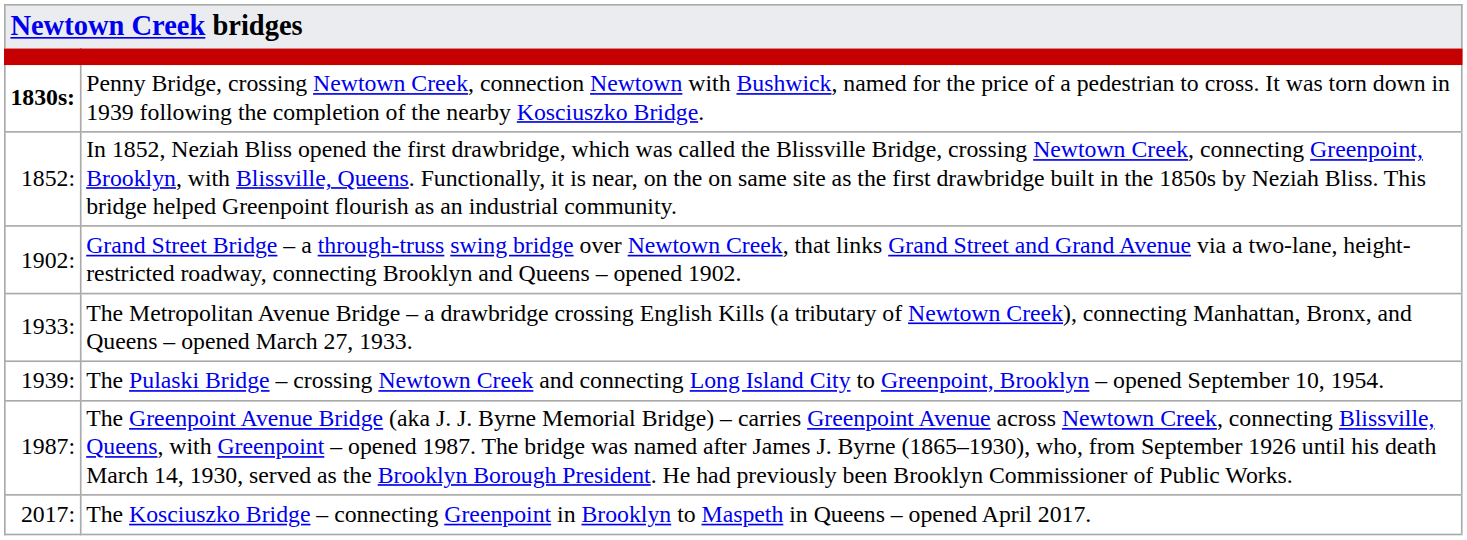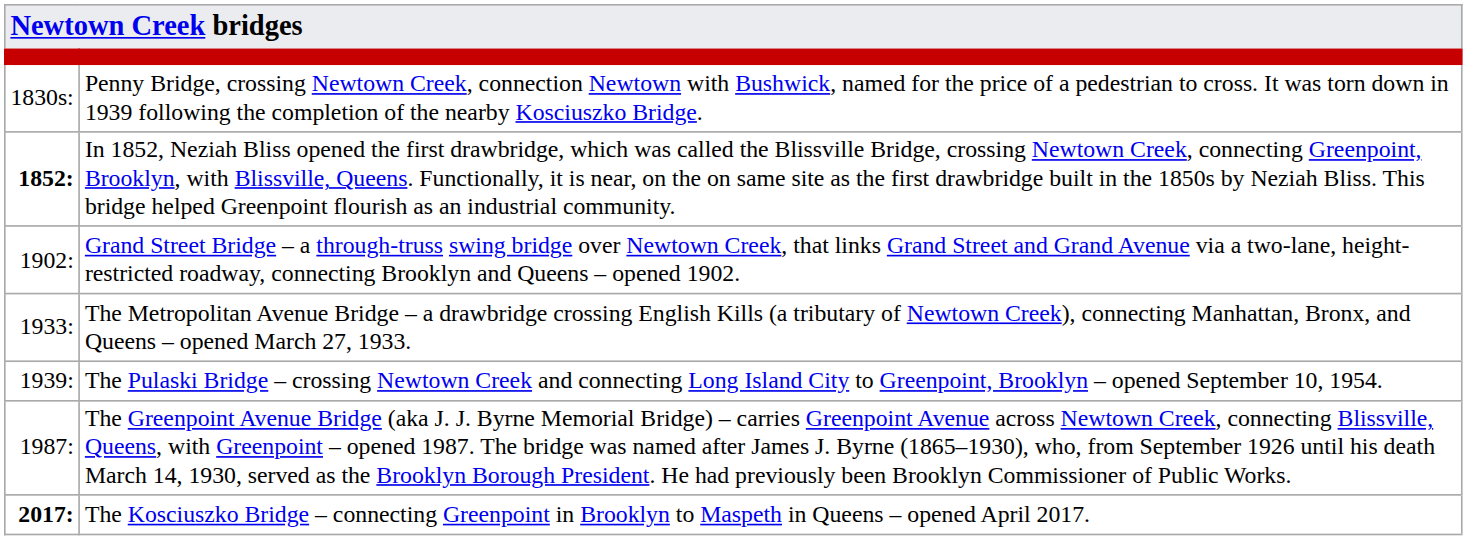 <table class="wikitable sortable collapsible static-row-numbers"; cellpadding="1" style="color: black; background-color: #FFFFFF; font-size: 90%; width:100%">
 <tr class="static-row-header" style="text-align:center;vertical-align:bottom;">
 <th style="text-align:left; background:#eaecf0; border-style: solid; border-width: 0px 0px 0px 0px" colspan=2><big><strong><a href='#'>Newtown Creek</a> bridges</strong></big></th>
 </tr>
 <tr style="border-style: solid; border-color: #c60001; border-width: 10px 0px 0px 0px;">
-<td width="5%" style="text-align:right"><strong>1830s:</strong></td>
+<td width="5%" style="text-align:right">1830s:</td>
 <td width="95%" style="text-align:left; border: 1px darkgray; border-style: none none solid none;">Penny Bridge, crossing <a href='#'>Newtown Creek</a>, connection <a href='#'>Newtown</a> with <a href='#'>Bushwick</a>, named for the price of a pedestrian to cross. It was torn down in 1939 following the completion of the nearby <a href='#'>Kosciuszko Bridge</a>.</td>
 </tr>
 <tr>
-<td width="5%" style="text-align:right">1852:</td>
+<td width="5%" style="text-align:right"><strong>1852:</strong></td>
 <td width="95%" style="text-align:left; border: 1px darkgray; border-style: none none solid none;">In 1852, Neziah Bliss opened the first drawbridge, which was called the Blissville Bridge, crossing <a href='#'>Newtown Creek</a>, connecting <a href='#'>Greenpoint, Brooklyn</a>, with <a href='#'>Blissville, Queens</a>. Functionally, it is near, on the on same site as the first drawbridge built in the 1850s by Neziah Bliss. This bridge helped Greenpoint flourish as an industrial community.</td>
 </tr>
 <tr>
 <td width="5%" style="text-align:right">1902:</td>
 <td width="95%" style="text-align:left; border: 1px darkgray; border-style: none none solid none;"><a href='#'>Grand Street Bridge</a> – a <a href='#'>through-truss</a> <a href='#'>swing bridge</a> over <a href='#'>Newtown Creek</a>, that links <a href='#'>Grand Street and Grand Avenue</a> via a two-lane, height-restricted roadway, connecting Brooklyn and Queens – opened 1902.</td>
 </tr>
 <tr>
 <td width="5%" style="text-align:right">1933:</td>
 <td width="95%" style="text-align:left; border: 1px darkgray; border-style: none none solid none;">The Metropolitan Avenue Bridge – a drawbridge crossing English Kills (a tributary of <a href='#'>Newtown Creek</a>), connecting Manhattan, Bronx, and Queens – opened March 27, 1933.</td>
 </tr>
 <tr>
 <td width="5%" style="text-align:right">1939:</td>
 <td width="95%" style="text-align:left; border: 1px darkgray; border-style: none none solid none;">The <a href='#'>Pulaski Bridge</a> – crossing <a href='#'>Newtown Creek</a> and connecting <a href='#'>Long Island City</a> to <a href='#'>Greenpoint, Brooklyn</a> – opened September 10, 1954.</td>
 </tr>
 <tr>
 <td width="5%" style="text-align:right">1987:</td>
 <td width="95%" style="text-align:left; border: 1px darkgray; border-style: none none solid none;">The <a href='#'>Greenpoint Avenue Bridge</a> (aka J. J. Byrne Memorial Bridge) – carries <a href='#'>Greenpoint Avenue</a> across <a href='#'>Newtown Creek</a>, connecting <a href='#'>Blissville, Queens</a>, with <a href='#'>Greenpoint</a> – opened 1987. The bridge was named after James J. Byrne (1865–1930), who, from September 1926 until his death March 14, 1930, served as the <a href='#'>Brooklyn Borough President</a>. He had previously been Brooklyn Commissioner of Public Works.</td>
 </tr>
 <tr>
-<td width="5%" style="text-align:right">2017:</td>
+<td width="5%" style="text-align:right"><strong>2017:</strong></td>
 <td width="95%" style="text-align:left; border: 1px darkgray; border-style: none none solid none;">The <a href='#'>Kosciuszko Bridge</a> – connecting <a href='#'>Greenpoint</a> in <a href='#'>Brooklyn</a> to <a href='#'>Maspeth</a> in Queens – opened April 2017.</td>
 </tr>
 </table>
